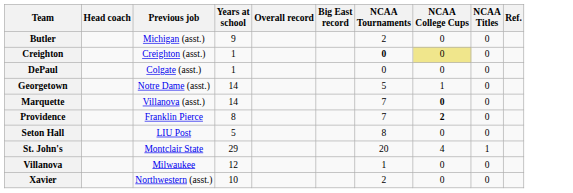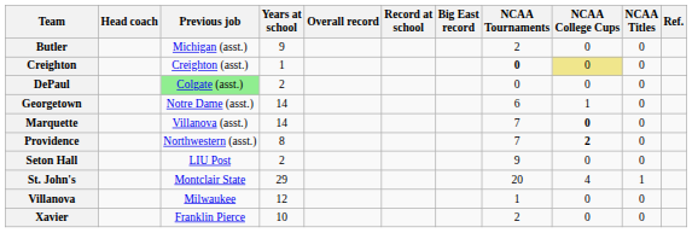 <table class="wikitable sortable" style="text-align: center;font-size:90%;">
 <tr>
 <th width="110">Team</th>
 <th>Head coach</th>
 <th>Previous job</th>
 <th>Years at<br>school</th>
 <th>Overall record</th>
+<th>Record at<br>school</th>
 <th>Big East<br>record</th>
 <th>NCAA<br>Tournaments</th>
 <th>NCAA<br>College Cups</th>
 <th>NCAA<br>Titles</th>
 <th class="unsortable">Ref.</th>
 </tr>
 <tr>
 <th>Butler</th>
 <td></td>
 <td><a href='#'>Michigan</a> (asst.)</td>
 <td>9</td>
+<td></td>
 <td></td>
 <td></td>
 <td>2</td>
 <td>0</td>
 <td>0</td>
 <td></td>
 </tr>
 <tr>
 <th>Creighton</th>
 <td></td>
 <td><a href='#'>Creighton</a> (asst.)</td>
 <td>1</td>
 <td></td>
 <td></td>
+<td></td>
 <td><strong>0</strong></td>
 <td style="background: khaki;">0</td>
 <td>0</td>
 <td></td>
 </tr>
 <tr>
 <th>DePaul</th>
 <td></td>
-<td><a href='#'>Colgate</a> (asst.)</td>
-<td>1</td>
+<td style="background: lightgreen;"><a href='#'>Colgate</a> (asst.)</td>
+<td>2</td>
+<td></td>
 <td></td>
 <td></td>
 <td>0</td>
 <td>0</td>
 <td>0</td>
 <td></td>
 </tr>
 <tr>
 <th>Georgetown</th>
 <td></td>
 <td><a href='#'>Notre Dame</a> (asst.)</td>
 <td>14</td>
 <td></td>
 <td></td>
-<td>5</td>
+<td></td>
+<td>6</td>
 <td>1</td>
 <td>0</td>
 <td></td>
 </tr>
 <tr>
 <th>Marquette</th>
 <td></td>
 <td><a href='#'>Villanova</a> (asst.)</td>
 <td>14</td>
 <td></td>
 <td></td>
+<td></td>
 <td>7</td>
 <td><strong>0</strong></td>
 <td>0</td>
 <td></td>
 </tr>
 <tr>
 <th>Providence</th>
 <td></td>
-<td><a href='#'>Franklin Pierce</a></td>
+<td><a href='#'>Northwestern</a> (asst.)</td>
 <td>8</td>
+<td></td>
 <td></td>
 <td></td>
 <td>7</td>
 <td><strong>2</strong></td>
 <td>0</td>
 <td></td>
 </tr>
 <tr>
 <th>Seton Hall</th>
 <td></td>
 <td><a href='#'>LIU Post</a></td>
-<td>5</td>
+<td>2</td>
 <td></td>
 <td></td>
-<td>8</td>
+<td></td>
+<td>9</td>
 <td>0</td>
 <td>0</td>
 <td></td>
 </tr>
 <tr>
 <th>St. John's</th>
 <td></td>
 <td><a href='#'>Montclair State</a></td>
 <td>29</td>
+<td></td>
 <td></td>
 <td></td>
 <td>20</td>
 <td>4</td>
 <td>1</td>
 <td></td>
 </tr>
 <tr>
 <th>Villanova</th>
 <td></td>
 <td><a href='#'>Milwaukee</a></td>
 <td>12</td>
 <td></td>
 <td></td>
+<td></td>
 <td>1</td>
 <td>0</td>
 <td>0</td>
 <td></td>
 </tr>
 <tr>
 <th>Xavier</th>
 <td></td>
-<td><a href='#'>Northwestern</a> (asst.)</td>
+<td><a href='#'>Franklin Pierce</a></td>
 <td>10</td>
+<td></td>
 <td></td>
 <td></td>
 <td>2</td>
 <td>0</td>
 <td>0</td>
 <td></td>
 </tr>
 </table>
